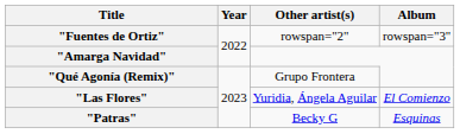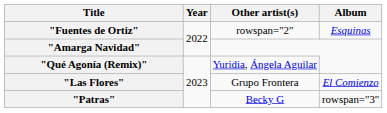 <table class="wikitable plainrowheaders" style="text-align:center">
 <tr>
 <th scope="col" style="width:16em;">Title</th>
 <th scope="col">Year</th>
 <th scope="col">Other artist(s)</th>
 <th scope="col">Album</th>
 </tr>
 <tr>
 <th scope="row">"Fuentes de Ortiz"</th>
 <td rowspan="2">2022</td>
 <td>rowspan="2" </td>
-<td>rowspan="3" </td>
+<td><em><a href='#'>Esquinas</a></em></td>
 </tr>
 <tr>
 <th scope="row">"Amarga Navidad"</th>
 </tr>
 <tr>
 <th scope="row">"Qué Agonía (Remix)"</th>
 <td rowspan="3">2023</td>
-<td>Grupo Frontera</td>
+<td><a href='#'>Yuridia</a>, <a href='#'>Ángela Aguilar</a></td>
 </tr>
 <tr>
 <th scope="row">"Las Flores"</th>
-<td><a href='#'>Yuridia</a>, <a href='#'>Ángela Aguilar</a></td>
+<td>Grupo Frontera</td>
 <td><em><a href='#'>El Comienzo</a></em></td>
 </tr>
 <tr>
 <th scope="row">"Patras"</th>
 <td><a href='#'>Becky G</a></td>
-<td><em><a href='#'>Esquinas</a></em></td>
+<td>rowspan="3" </td>
 </tr>
 </table>
